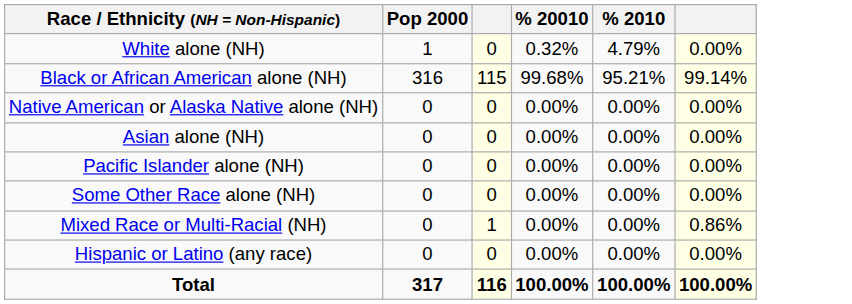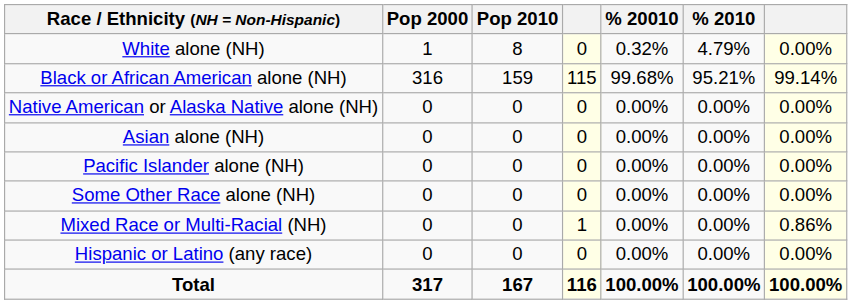 <table class="wikitable" style="text-align:center;">
 <tr>
 <th>Race / Ethnicity <small>(<em>NH = Non-Hispanic</em>)</small></th>
 <th>Pop 2000</th>
+<th>Pop 2010</th>
 <th></th>
 <th>% 20010</th>
 <th>% 2010</th>
 <th></th>
 </tr>
 <tr>
 <td><a href='#'>White</a> alone (NH)</td>
 <td>1</td>
+<td>8</td>
 <td style='background: #ffffe6;'>0</td>
 <td>0.32%</td>
 <td>4.79%</td>
 <td style='background: #ffffe6;'>0.00%</td>
 </tr>
 <tr>
 <td><a href='#'>Black or African American</a> alone (NH)</td>
 <td>316</td>
+<td>159</td>
 <td style='background: #ffffe6;'>115</td>
 <td>99.68%</td>
 <td>95.21%</td>
 <td style='background: #ffffe6;'>99.14%</td>
 </tr>
 <tr>
 <td><a href='#'>Native American</a> or <a href='#'>Alaska Native</a> alone (NH)</td>
+<td>0</td>
 <td>0</td>
 <td style='background: #ffffe6;'>0</td>
 <td>0.00%</td>
 <td>0.00%</td>
 <td style='background: #ffffe6;'>0.00%</td>
 </tr>
 <tr>
 <td><a href='#'>Asian</a> alone (NH)</td>
 <td>0</td>
+<td>0</td>
 <td style='background: #ffffe6;'>0</td>
 <td>0.00%</td>
 <td>0.00%</td>
 <td style='background: #ffffe6;'>0.00%</td>
 </tr>
 <tr>
 <td><a href='#'>Pacific Islander</a> alone (NH)</td>
+<td>0</td>
 <td>0</td>
 <td style='background: #ffffe6;'>0</td>
 <td>0.00%</td>
 <td>0.00%</td>
 <td style='background: #ffffe6;'>0.00%</td>
 </tr>
 <tr>
 <td><a href='#'>Some Other Race</a> alone (NH)</td>
 <td>0</td>
+<td>0</td>
 <td style='background: #ffffe6;'>0</td>
 <td>0.00%</td>
 <td>0.00%</td>
 <td style='background: #ffffe6;'>0.00%</td>
 </tr>
 <tr>
 <td><a href='#'>Mixed Race or Multi-Racial</a> (NH)</td>
+<td>0</td>
 <td>0</td>
 <td style='background: #ffffe6;'>1</td>
 <td>0.00%</td>
 <td>0.00%</td>
 <td style='background: #ffffe6;'>0.86%</td>
 </tr>
 <tr>
 <td><a href='#'>Hispanic or Latino</a> (any race)</td>
 <td>0</td>
+<td>0</td>
 <td style='background: #ffffe6;'>0</td>
 <td>0.00%</td>
 <td>0.00%</td>
 <td style='background: #ffffe6;'>0.00%</td>
 </tr>
 <tr>
 <td><strong>Total</strong></td>
 <td><strong>317</strong></td>
+<td><strong>167</strong></td>
 <td style='background: #ffffe6;'><strong>116</strong></td>
 <td><strong>100.00%</strong></td>
 <td><strong>100.00%</strong></td>
 <td style='background: #ffffe6;'><strong>100.00%</strong></td>
 </tr>
 </table>
